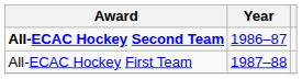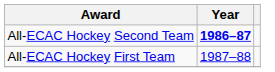 <table class="wikitable">
 <tr>
 <th>Award</th>
 <th>Year</th>
 <th></th>
 </tr>
 <tr>
-<td><strong>All-<a href='#'>ECAC Hockey</a> <a href='#'>Second Team</a></strong></td>
-<td><a href='#'>1986–87</a></td>
+<td>All-<a href='#'>ECAC Hockey</a> <a href='#'>Second Team</a></td>
+<td><strong><a href='#'>1986–87</a></strong></td>
 <td></td>
 </tr>
 <tr>
 <td>All-<a href='#'>ECAC Hockey</a> <a href='#'>First Team</a></td>
 <td><a href='#'>1987–88</a></td>
 <td></td>
 </tr>
 <tr>
 </tr>
 </table>
